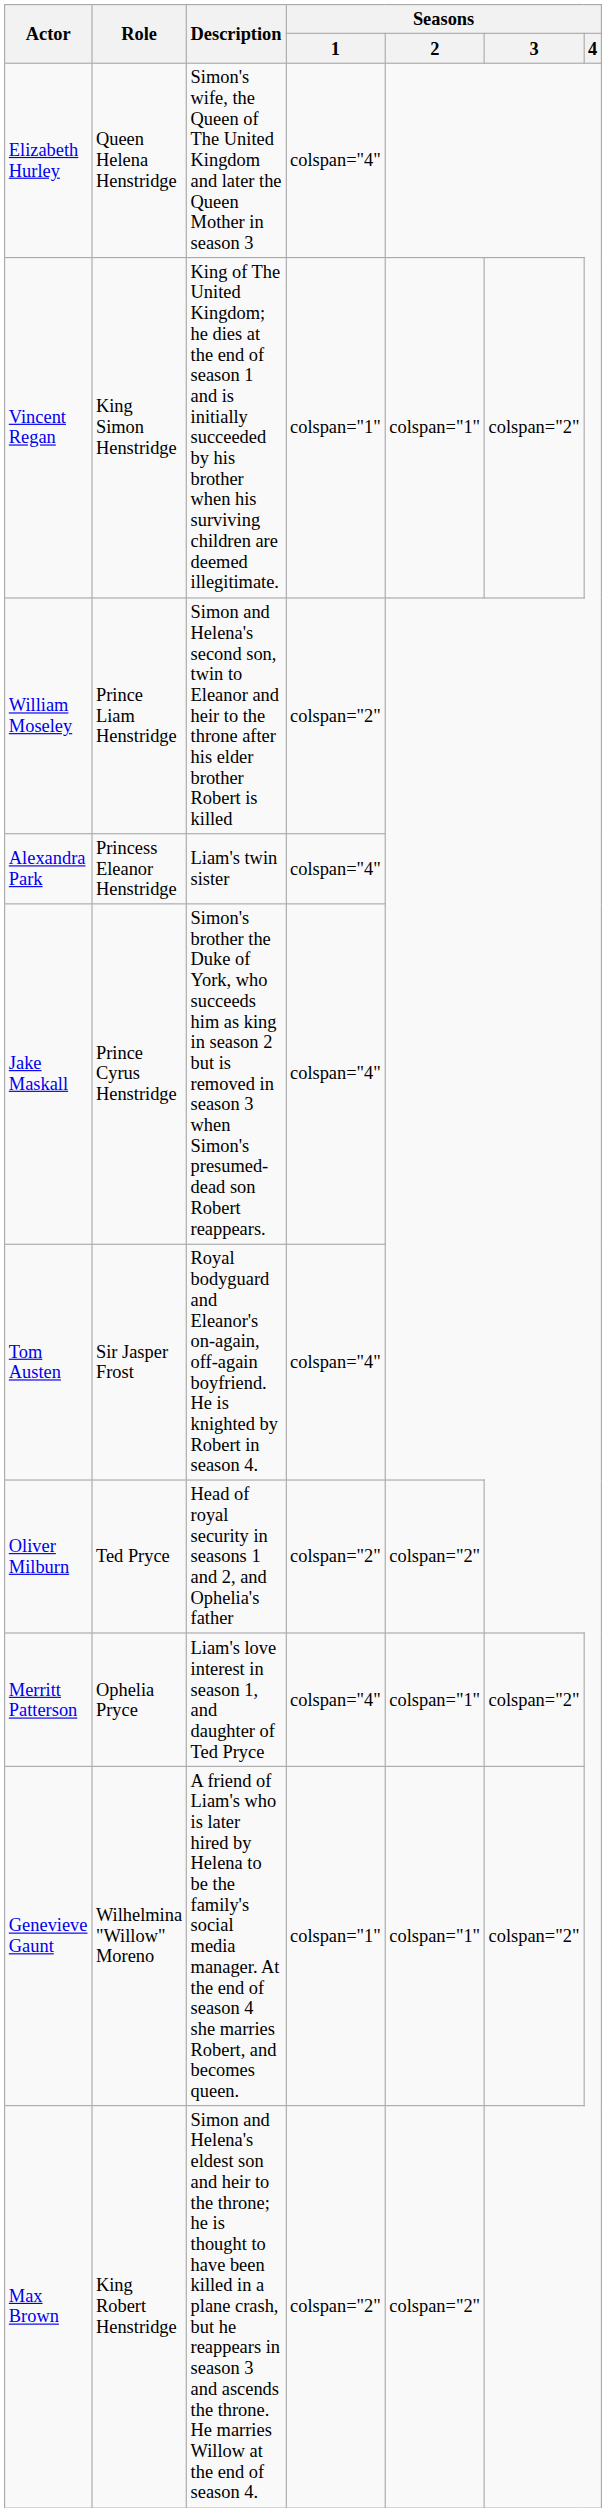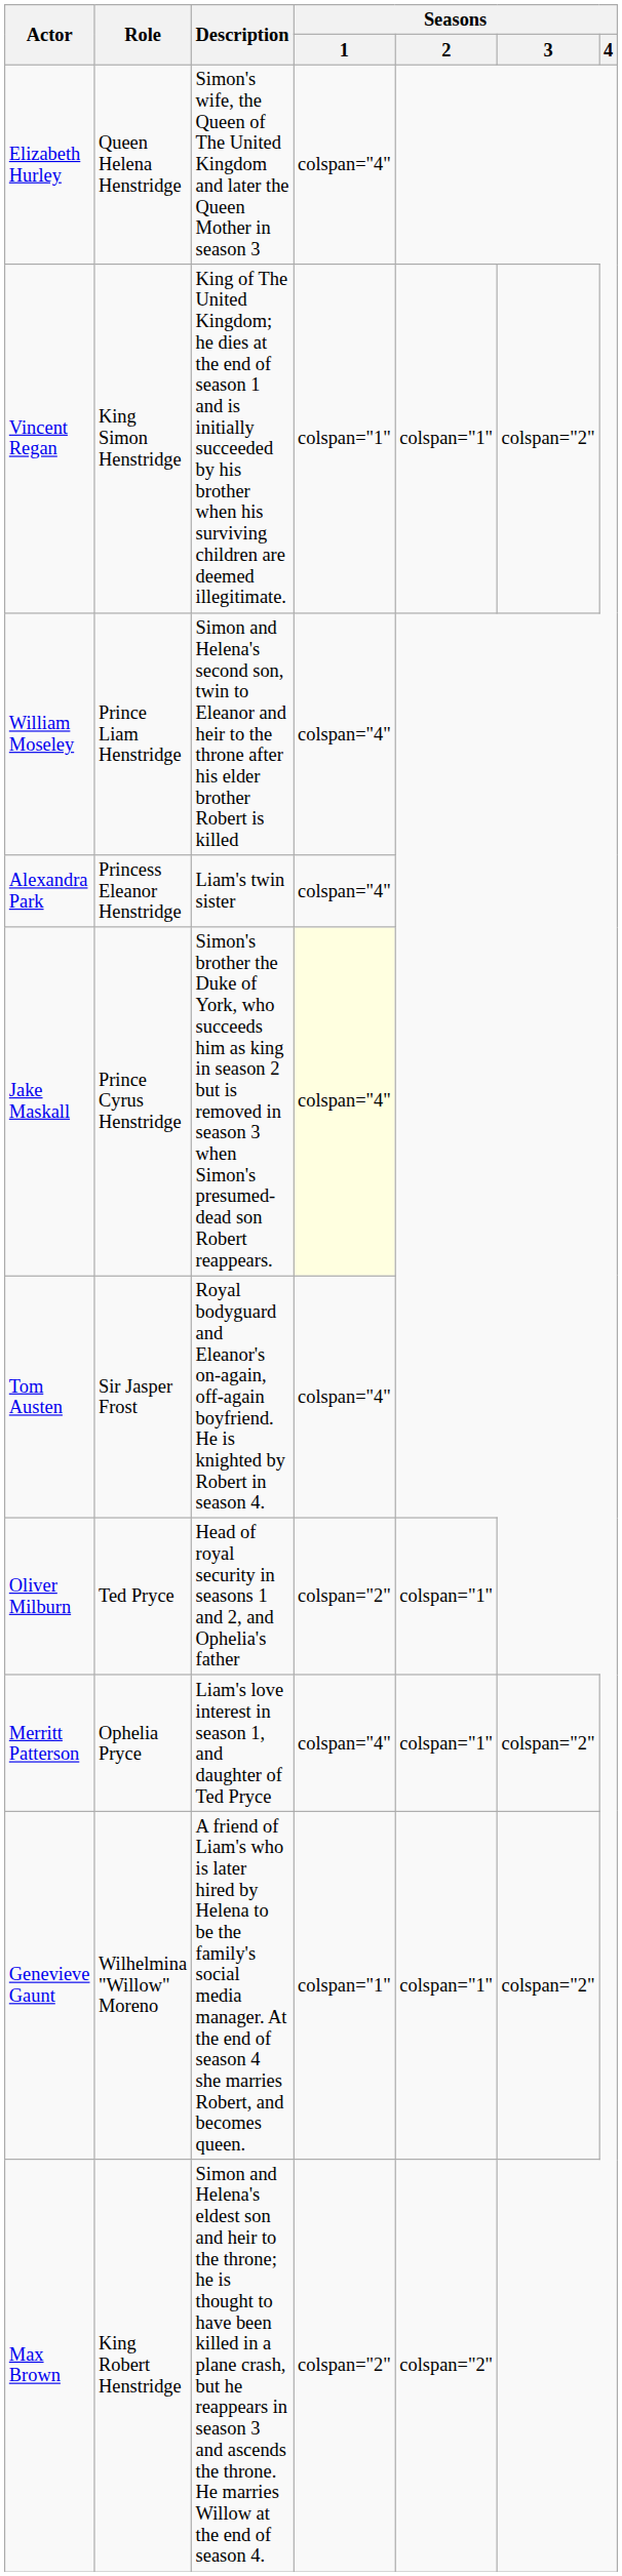 <table class="wikitable plainrowheaders" width="70%">
 <tr>
 <th rowspan="2" style="width:15%;">Actor</th>
 <th rowspan="2" style="width:20%;">Role</th>
 <th rowspan="2" style="width:40%;">Description</th>
 <th colspan="4">Seasons</th>
 </tr>
 <tr>
 <th style="width:8%;">1</th>
 <th style="width:8%;">2</th>
 <th style="width:8%;">3</th>
 <th style="width:8%;">4</th>
 </tr>
 <tr>
 <td><a href='#'>Elizabeth Hurley</a></td>
 <td>Queen Helena Henstridge</td>
 <td>Simon's wife, the Queen of The United Kingdom and later the Queen Mother in season 3</td>
 <td>colspan="4" </td>
 </tr>
 <tr>
 <td><a href='#'>Vincent Regan</a></td>
 <td>King Simon Henstridge</td>
 <td>King of The United Kingdom; he dies at the end of season 1 and is initially succeeded by his brother when his surviving children are deemed illegitimate.</td>
 <td>colspan="1" </td>
 <td>colspan="1" </td>
 <td>colspan="2" </td>
 </tr>
 <tr>
 <td><a href='#'>William Moseley</a></td>
 <td>Prince Liam Henstridge</td>
 <td>Simon and Helena's second son, twin to Eleanor and heir to the throne after his elder brother Robert is killed</td>
-<td>colspan="2" </td>
+<td>colspan="4" </td>
 </tr>
 <tr>
 <td><a href='#'>Alexandra Park</a></td>
 <td>Princess Eleanor Henstridge</td>
 <td>Liam's twin sister</td>
 <td>colspan="4" </td>
 </tr>
 <tr>
 <td><a href='#'>Jake Maskall</a></td>
 <td>Prince Cyrus Henstridge</td>
 <td>Simon's brother the Duke of York, who succeeds him as king in season 2 but is removed in season 3 when Simon's presumed-dead son Robert reappears.</td>
-<td>colspan="4" </td>
+<td style="background: lightyellow;">colspan="4" </td>
 </tr>
 <tr>
 <td><a href='#'>Tom Austen</a></td>
 <td>Sir Jasper Frost</td>
 <td>Royal bodyguard and Eleanor's on-again, off-again boyfriend. He is knighted by Robert in season 4.</td>
 <td>colspan="4" </td>
 </tr>
 <tr>
 <td><a href='#'>Oliver Milburn</a></td>
 <td>Ted Pryce</td>
 <td>Head of royal security in seasons 1 and 2, and Ophelia's father</td>
 <td>colspan="2" </td>
-<td>colspan="2" </td>
+<td>colspan="1" </td>
 </tr>
 <tr>
 <td><a href='#'>Merritt Patterson</a></td>
 <td>Ophelia Pryce</td>
 <td>Liam's love interest in season 1, and daughter of Ted Pryce</td>
 <td>colspan="4" </td>
 <td>colspan="1" </td>
 <td>colspan="2" </td>
 </tr>
 <tr>
 <td><a href='#'>Genevieve Gaunt</a></td>
 <td>Wilhelmina "Willow" Moreno</td>
 <td>A friend of Liam's who is later hired by Helena to be the family's social media manager. At the end of season 4 she marries Robert, and becomes queen.</td>
 <td>colspan="1" </td>
 <td>colspan="1" </td>
 <td>colspan="2" </td>
 </tr>
 <tr>
 <td><a href='#'>Max Brown</a></td>
 <td>King Robert Henstridge</td>
 <td>Simon and Helena's eldest son and heir to the throne; he is thought to have been killed in a plane crash, but he reappears in season 3 and ascends the throne. He marries Willow at the end of season 4.</td>
 <td>colspan="2" </td>
 <td>colspan="2" </td>
 </tr>
 </table>
